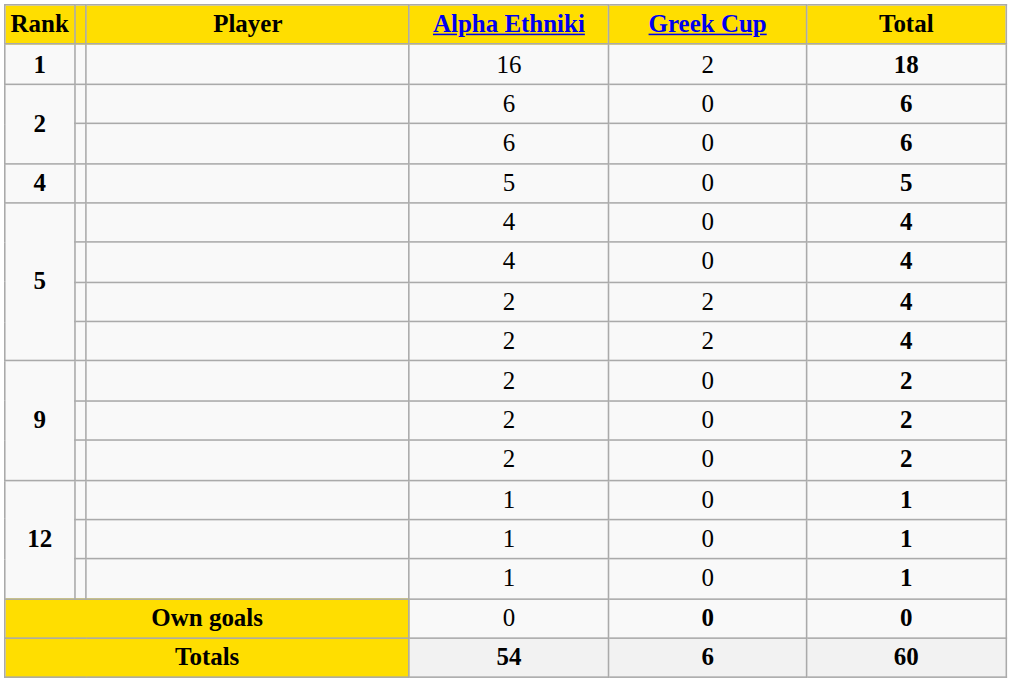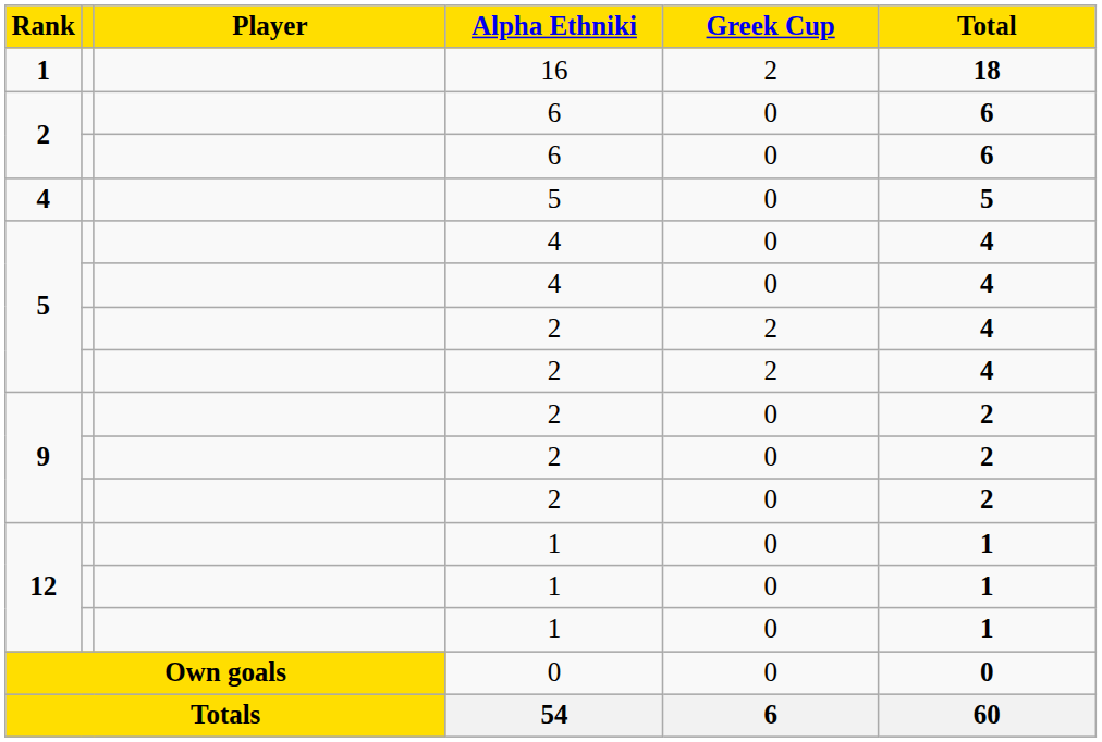 <table class="wikitable sortable" style="text-align: center">
 <tr>
 <th style="background:#FFDE00">Rank</th>
 <th style="background:#FFDE00"></th>
 <th width=200 style="background:#FFDE00">Player</th>
 <th width=120 style="background:#FFDE00"><a href='#'>Alpha Ethniki</a></th>
 <th width=120 style="background:#FFDE00"><a href='#'>Greek Cup</a></th>
 <th width=120 style="background:#FFDE00">Total</th>
 </tr>
 <tr>
 <td><strong>1</strong></td>
 <td></td>
 <td align=left></td>
 <td>16</td>
 <td>2</td>
 <td><strong>18</strong></td>
 </tr>
 <tr>
 <td rowspan=2><strong>2</strong></td>
 <td></td>
 <td align=left></td>
 <td>6</td>
 <td>0</td>
 <td><strong>6</strong></td>
 </tr>
 <tr>
 <td></td>
 <td align=left></td>
 <td>6</td>
 <td>0</td>
 <td><strong>6</strong></td>
 </tr>
 <tr>
 <td><strong>4</strong></td>
 <td></td>
 <td align=left></td>
 <td>5</td>
 <td>0</td>
 <td><strong>5</strong></td>
 </tr>
 <tr>
 <td rowspan=4><strong>5</strong></td>
 <td></td>
 <td align=left></td>
 <td>4</td>
 <td>0</td>
 <td><strong>4</strong></td>
 </tr>
 <tr>
 <td></td>
 <td align=left></td>
 <td>4</td>
 <td>0</td>
 <td><strong>4</strong></td>
 </tr>
 <tr>
 <td></td>
 <td align=left></td>
 <td>2</td>
 <td>2</td>
 <td><strong>4</strong></td>
 </tr>
 <tr>
 <td></td>
 <td align=left></td>
 <td>2</td>
 <td>2</td>
 <td><strong>4</strong></td>
 </tr>
 <tr>
 <td rowspan=3><strong>9</strong></td>
 <td></td>
 <td align=left></td>
 <td>2</td>
 <td>0</td>
 <td><strong>2</strong></td>
 </tr>
 <tr>
 <td></td>
 <td align=left></td>
 <td>2</td>
 <td>0</td>
 <td><strong>2</strong></td>
 </tr>
 <tr>
 <td></td>
 <td align=left></td>
 <td>2</td>
 <td>0</td>
 <td><strong>2</strong></td>
 </tr>
 <tr>
 <td rowspan=3><strong>12</strong></td>
 <td></td>
 <td align=left></td>
 <td>1</td>
 <td>0</td>
 <td><strong>1</strong></td>
 </tr>
 <tr>
 <td></td>
 <td align=left></td>
 <td>1</td>
 <td>0</td>
 <td><strong>1</strong></td>
 </tr>
 <tr>
 <td></td>
 <td align=left></td>
 <td>1</td>
 <td>0</td>
 <td><strong>1</strong></td>
 </tr>
 <tr class="sortbottom">
 <td colspan=3 style="background:#FFDE00"><strong>Own goals</strong></td>
 <td>0</td>
-<td><strong>0</strong></td>
+<td>0</td>
 <td><strong>0</strong></td>
 </tr>
 <tr class="sortbottom">
 <th colspan=3 style="background:#FFDE00"><strong>Totals</strong></th>
 <th><strong>54</strong></th>
 <th><strong> 6</strong></th>
 <th><strong>60</strong></th>
 </tr>
 </table>
